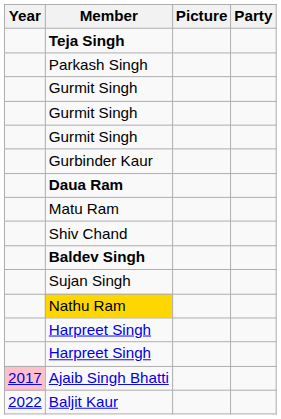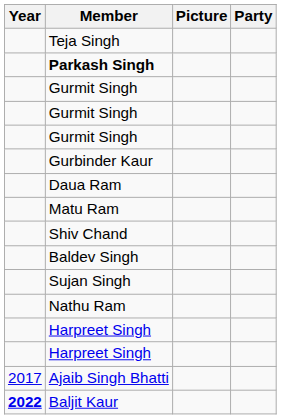 <table class="wikitable sortable">
 <tr>
 <th>Year</th>
 <th>Member</th>
 <th>Picture</th>
 <th colspan="2">Party</th>
 </tr>
 <tr>
 <td><a href='#'></a></td>
-<td><strong>Teja Singh</strong></td>
+<td>Teja Singh</td>
 <td></td>
 <td></td>
 </tr>
 <tr>
 <td><a href='#'></a></td>
-<td>Parkash Singh</td>
+<td><strong>Parkash Singh</strong></td>
 <td></td>
 <td></td>
 </tr>
 <tr>
 <td><a href='#'></a></td>
 <td>Gurmit Singh</td>
 <td></td>
 <td></td>
 </tr>
 <tr>
 <td><a href='#'></a></td>
 <td>Gurmit Singh</td>
 <td></td>
 <td></td>
 </tr>
 <tr>
 <td><a href='#'></a></td>
 <td>Gurmit Singh</td>
 <td></td>
 <td></td>
 </tr>
 <tr>
 <td><a href='#'></a></td>
 <td>Gurbinder Kaur</td>
 <td></td>
 <td></td>
 </tr>
 <tr>
 <td><a href='#'></a></td>
-<td><strong>Daua Ram</strong></td>
+<td>Daua Ram</td>
 <td></td>
 <td></td>
 </tr>
 <tr>
 <td><a href='#'></a></td>
 <td>Matu Ram</td>
 <td></td>
 <td></td>
 </tr>
 <tr>
 <td><a href='#'></a></td>
 <td>Shiv Chand</td>
 <td></td>
 <td></td>
 </tr>
 <tr>
 <td><a href='#'></a></td>
-<td><strong>Baldev Singh</strong></td>
+<td>Baldev Singh</td>
 <td></td>
 <td></td>
 </tr>
 <tr>
 <td><a href='#'></a></td>
 <td>Sujan Singh</td>
 <td></td>
 <td></td>
 </tr>
 <tr>
 <td><a href='#'></a></td>
-<td style="background: gold;">Nathu Ram</td>
+<td>Nathu Ram</td>
 <td></td>
 <td></td>
 </tr>
 <tr>
 <td><a href='#'></a></td>
 <td><a href='#'>Harpreet Singh</a></td>
 <td></td>
 <td></td>
 </tr>
 <tr>
 <td><a href='#'></a></td>
 <td><a href='#'>Harpreet Singh</a></td>
 <td></td>
 <td></td>
 </tr>
 <tr>
-<td style="background: pink;"><a href='#'>2017</a></td>
+<td><a href='#'>2017</a></td>
 <td><a href='#'>Ajaib Singh Bhatti</a></td>
 <td></td>
 <td></td>
 </tr>
 <tr>
-<td><a href='#'>2022</a></td>
+<td><strong><a href='#'>2022</a></strong></td>
 <td><a href='#'>Baljit Kaur</a></td>
 <td></td>
 <td></td>
 </tr>
 </table>
